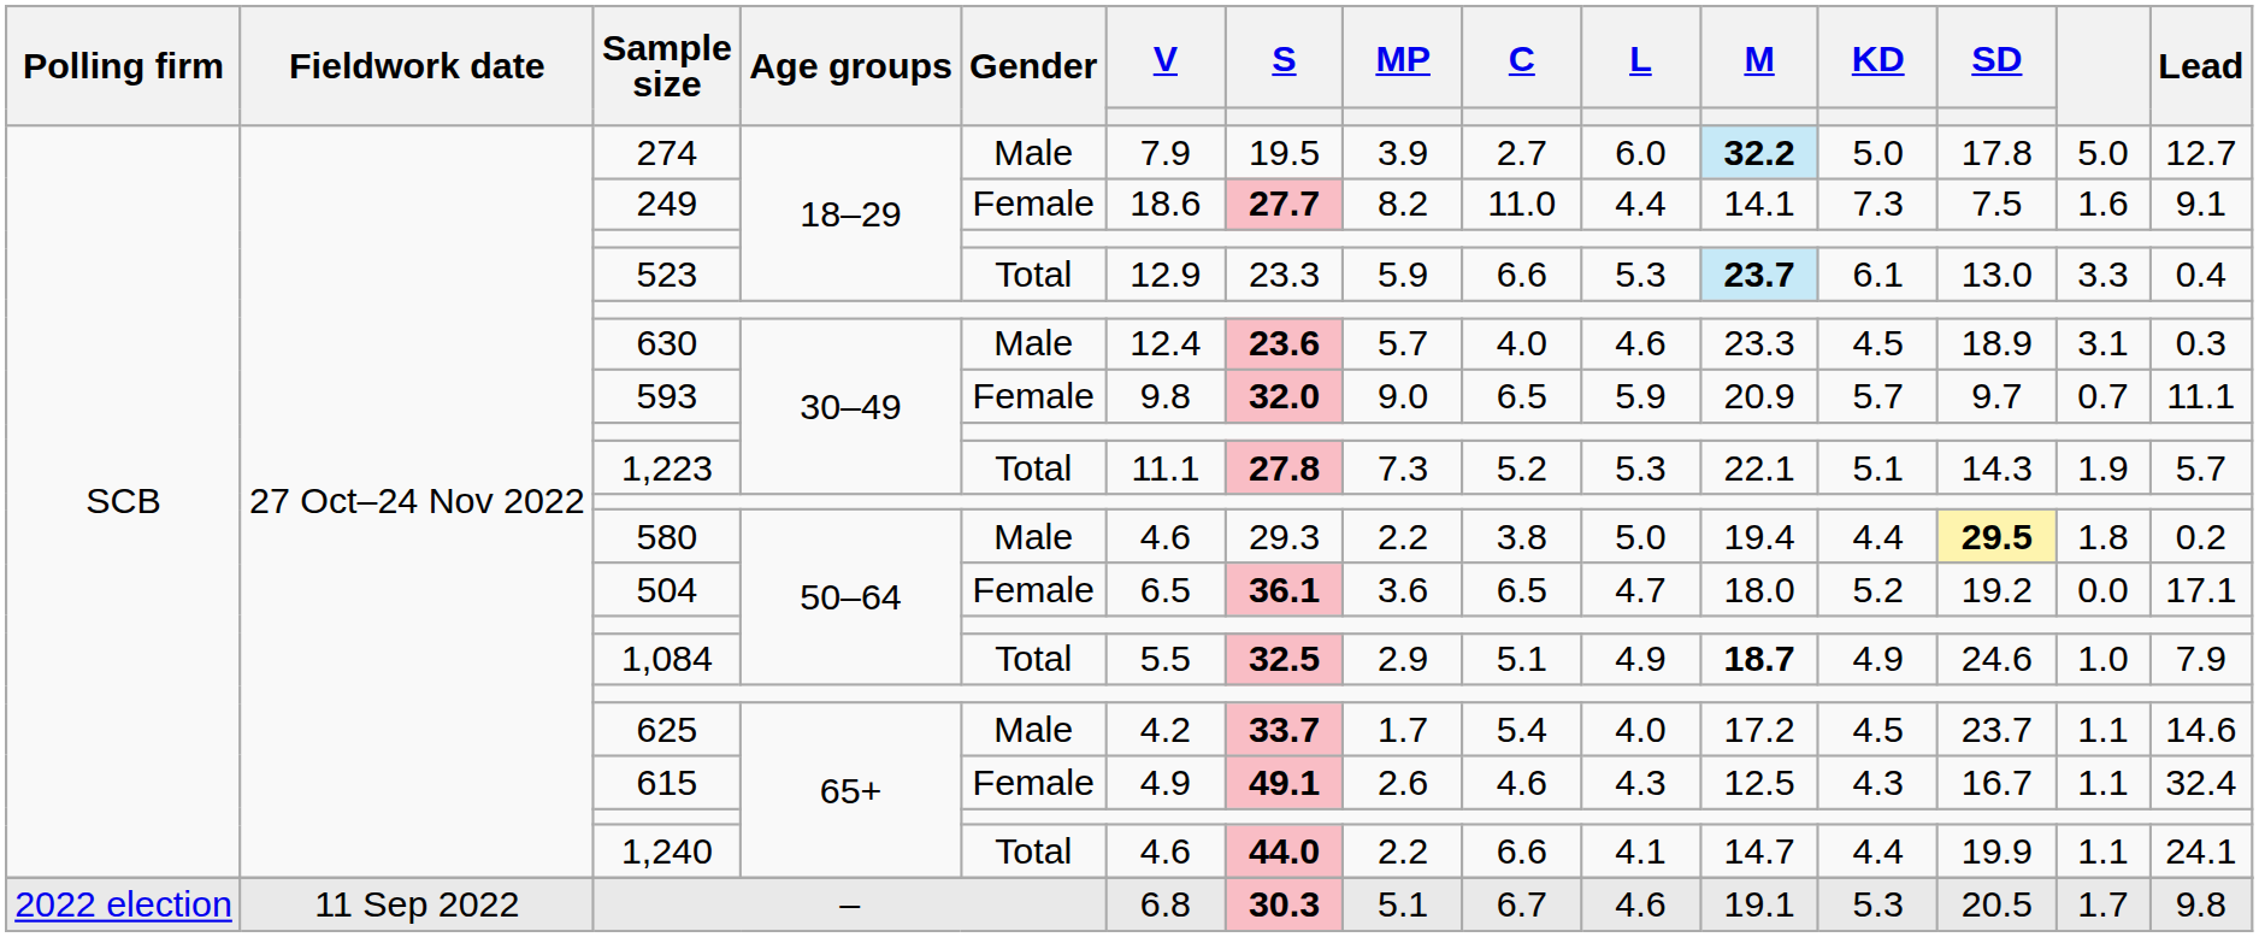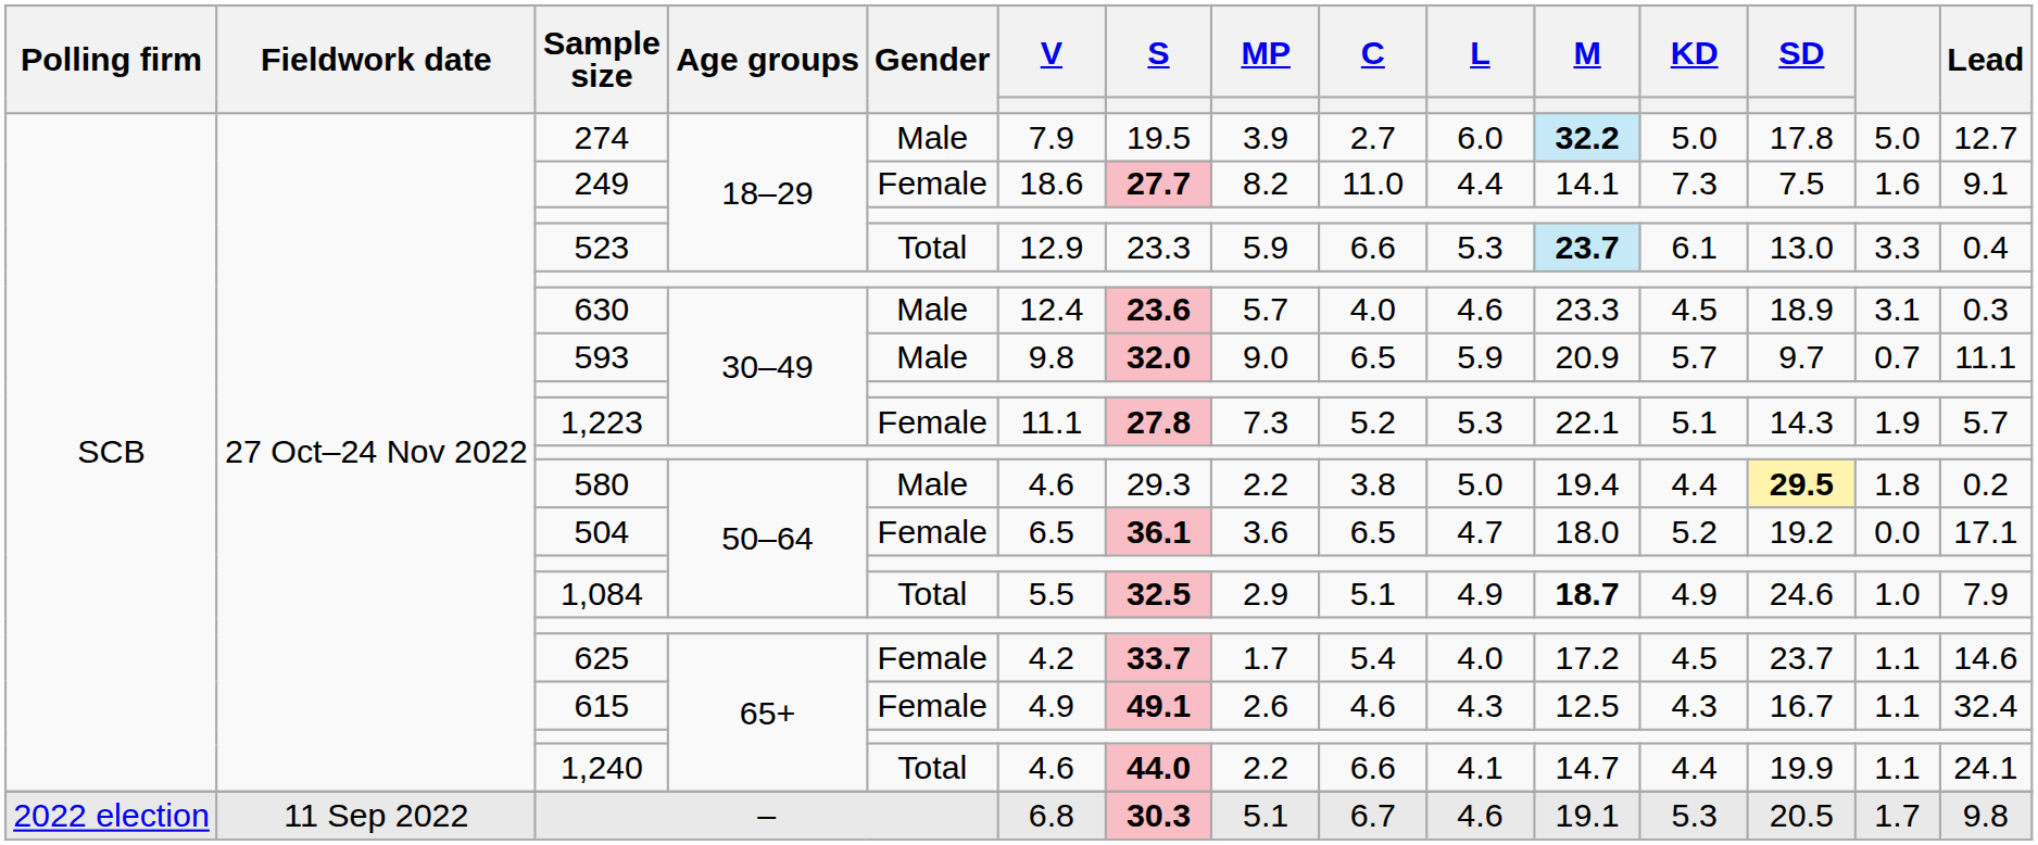 <table class="wikitable sortable" style="text-align:center;font-size:90%;line-height:14px;">
 <tr style="height:40px;">
 <th rowspan="2">Polling firm</th>
 <th rowspan="2">Fieldwork date</th>
 <th rowspan="2">Sample<br>size</th>
 <th rowspan="2">Age groups</th>
 <th rowspan="2">Gender</th>
 <th class="sortable" style="width:40px;"><a href='#'>V</a></th>
 <th class="sortable" style="width:40px;"><a href='#'>S</a></th>
 <th class="sortable" style="width:40px;"><a href='#'>MP</a></th>
 <th class="sortable" style="width:40px;"><a href='#'>C</a></th>
 <th class="sortable" style="width:40px;"><a href='#'>L</a></th>
 <th class="sortable" style="width:40px;"><a href='#'>M</a></th>
 <th class="sortable" style="width:40px;"><a href='#'>KD</a></th>
 <th class="sortable" style="width:40px;"><a href='#'>SD</a></th>
 <th class="sortable" style="width:30px;" rowspan="2"></th>
 <th style="width:30px;" rowspan="2">Lead</th>
 </tr>
 <tr>
 <th style="background:"></th>
 <th style="background:"></th>
 <th style="background:"></th>
 <th style="background:"></th>
 <th style="background:"></th>
 <th style="background:"></th>
 <th style="background:"></th>
 <th style="background:"></th>
 </tr>
 <tr>
 <td rowspan="19">SCB</td>
 <td rowspan="19">27 Oct–24 Nov 2022</td>
 <td>274</td>
 <td rowspan="4">18–29</td>
 <td>Male</td>
 <td>7.9</td>
 <td>19.5</td>
 <td>3.9</td>
 <td>2.7</td>
 <td>6.0</td>
 <td style="background:#C6E9F7;"><strong>32.2</strong></td>
 <td>5.0</td>
 <td>17.8</td>
 <td>5.0</td>
 <td style="background:">12.7</td>
 </tr>
 <tr>
 <td>249</td>
 <td>Female</td>
 <td>18.6</td>
 <td style="background:#F9BDC5;"><strong>27.7</strong></td>
 <td>8.2</td>
 <td>11.0</td>
 <td>4.4</td>
 <td>14.1</td>
 <td>7.3</td>
 <td>7.5</td>
 <td>1.6</td>
 <td style="background:">9.1</td>
 </tr>
 <tr>
 <td></td>
 <td colspan="11"></td>
 </tr>
 <tr>
 <td>523</td>
 <td>Total</td>
 <td>12.9</td>
 <td>23.3</td>
 <td>5.9</td>
 <td>6.6</td>
 <td>5.3</td>
 <td style="background:#C6E9F7;"><strong>23.7</strong></td>
 <td>6.1</td>
 <td>13.0</td>
 <td>3.3</td>
 <td style="background:">0.4</td>
 </tr>
 <tr>
 <td colspan="13"></td>
 </tr>
 <tr>
 <td>630</td>
 <td rowspan="4">30–49</td>
 <td>Male</td>
 <td>12.4</td>
 <td style="background:#F9BDC5;"><strong>23.6</strong></td>
 <td>5.7</td>
 <td>4.0</td>
 <td>4.6</td>
 <td>23.3</td>
 <td>4.5</td>
 <td>18.9</td>
 <td>3.1</td>
 <td style="background:">0.3</td>
 </tr>
 <tr>
 <td>593</td>
-<td>Female</td>
+<td>Male</td>
 <td>9.8</td>
 <td style="background:#F9BDC5;"><strong>32.0</strong></td>
 <td>9.0</td>
 <td>6.5</td>
 <td>5.9</td>
 <td>20.9</td>
 <td>5.7</td>
 <td>9.7</td>
 <td>0.7</td>
 <td style="background:">11.1</td>
 </tr>
 <tr>
 <td></td>
 <td colspan="11"></td>
 </tr>
 <tr>
 <td>1,223</td>
-<td>Total</td>
+<td>Female</td>
 <td>11.1</td>
 <td style="background:#F9BDC5;"><strong>27.8</strong></td>
 <td>7.3</td>
 <td>5.2</td>
 <td>5.3</td>
 <td>22.1</td>
 <td>5.1</td>
 <td>14.3</td>
 <td>1.9</td>
 <td style="background:">5.7</td>
 </tr>
 <tr>
 <td colspan="13"></td>
 </tr>
 <tr>
 <td>580</td>
 <td rowspan="4">50–64</td>
 <td>Male</td>
 <td>4.6</td>
 <td>29.3</td>
 <td>2.2</td>
 <td>3.8</td>
 <td>5.0</td>
 <td>19.4</td>
 <td>4.4</td>
 <td style="background:#FEF4AE;"><strong>29.5</strong></td>
 <td>1.8</td>
 <td style="background:">0.2</td>
 </tr>
 <tr>
 <td>504</td>
 <td>Female</td>
 <td>6.5</td>
 <td style="background:#F9BDC5;"><strong>36.1</strong></td>
 <td>3.6</td>
 <td>6.5</td>
 <td>4.7</td>
 <td>18.0</td>
 <td>5.2</td>
 <td>19.2</td>
 <td>0.0</td>
 <td style="background:">17.1</td>
 </tr>
 <tr>
 <td></td>
 <td colspan="11"></td>
 </tr>
 <tr>
 <td>1,084</td>
 <td>Total</td>
 <td>5.5</td>
 <td style="background:#F9BDC5;"><strong>32.5</strong></td>
 <td>2.9</td>
 <td>5.1</td>
 <td>4.9</td>
 <td><strong>18.7</strong></td>
 <td>4.9</td>
 <td>24.6</td>
 <td>1.0</td>
 <td style="background:">7.9</td>
 </tr>
 <tr>
 <td colspan="13"></td>
 </tr>
 <tr>
 <td>625</td>
 <td rowspan="4">65+</td>
-<td>Male</td>
+<td>Female</td>
 <td>4.2</td>
 <td style="background:#F9BDC5;"><strong>33.7</strong></td>
 <td>1.7</td>
 <td>5.4</td>
 <td>4.0</td>
 <td>17.2</td>
 <td>4.5</td>
 <td>23.7</td>
 <td>1.1</td>
 <td style="background:">14.6</td>
 </tr>
 <tr>
 <td>615</td>
 <td>Female</td>
 <td>4.9</td>
 <td style="background:#F9BDC5;"><strong>49.1</strong></td>
 <td>2.6</td>
 <td>4.6</td>
 <td>4.3</td>
 <td>12.5</td>
 <td>4.3</td>
 <td>16.7</td>
 <td>1.1</td>
 <td style="background:">32.4</td>
 </tr>
 <tr>
 <td></td>
 <td colspan="11"></td>
 </tr>
 <tr>
 <td>1,240</td>
 <td>Total</td>
 <td>4.6</td>
 <td style="background:#F9BDC5;"><strong>44.0</strong></td>
 <td>2.2</td>
 <td>6.6</td>
 <td>4.1</td>
 <td>14.7</td>
 <td>4.4</td>
 <td>19.9</td>
 <td>1.1</td>
 <td style="background:">24.1</td>
 </tr>
 <tr>
 </tr>
 <tr style="background:#E9E9E9;">
 <td><a href='#'>2022 election</a></td>
 <td data-sort-value="2018-09-09">11 Sep 2022</td>
 <td colspan="3">–</td>
 <td>6.8</td>
 <td style="background:#F9BDC5;"><strong>30.3</strong></td>
 <td>5.1</td>
 <td>6.7</td>
 <td>4.6</td>
 <td>19.1</td>
 <td>5.3</td>
 <td>20.5</td>
 <td>1.7</td>
 <td style="background:">9.8</td>
 </tr>
 </table>
